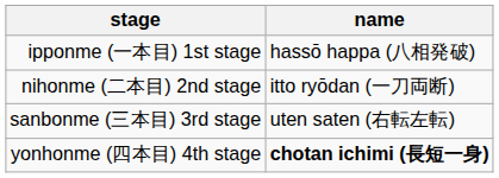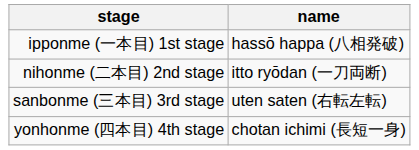 <table class="wikitable" style="margin:1em auto;">
 <tr>
 <th>stage</th>
 <th>name</th>
 </tr>
 <tr>
 <td align="right">ipponme (一本目) 1st stage</td>
 <td>hassō happa (八相発破)</td>
 </tr>
 <tr>
 <td align="right">nihonme (二本目) 2nd stage</td>
 <td>itto ryōdan (一刀両断)</td>
 </tr>
 <tr>
 <td align="right">sanbonme (三本目) 3rd stage</td>
 <td>uten saten (右転左転)</td>
 </tr>
 <tr>
 <td align="right">yonhonme (四本目) 4th stage</td>
-<td><strong>chotan ichimi (長短一身)</strong></td>
+<td>chotan ichimi (長短一身)</td>
 </tr>
 </table>
